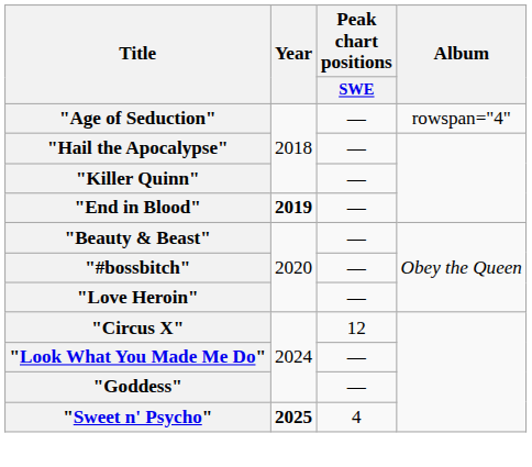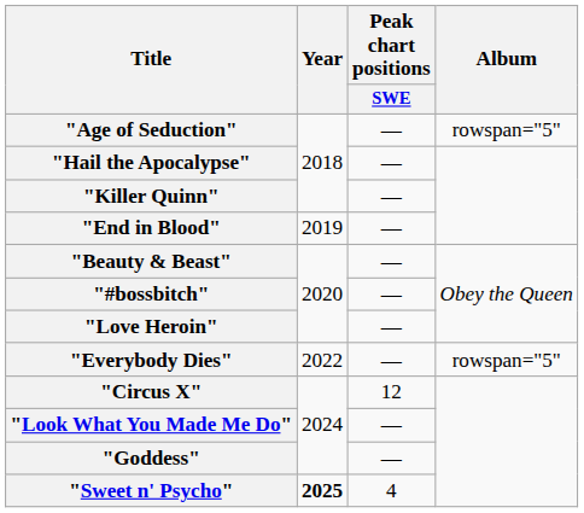 <table class="wikitable plainrowheaders" style="text-align:center;">
 <tr>
 <th scope="col" rowspan="2">Title</th>
 <th scope="col" rowspan="2">Year</th>
 <th scope="col" colspan="1">Peak chart positions</th>
 <th scope="col" rowspan="2">Album</th>
 </tr>
 <tr>
 <th scope="col" style="width:3em;font-size:85%;"><a href='#'>SWE</a><br></th>
 </tr>
 <tr>
 <th scope="row">"Age of Seduction"</th>
 <td rowspan="3">2018</td>
 <td>—</td>
-<td>rowspan="4" </td>
+<td>rowspan="5" </td>
 </tr>
 <tr>
 <th scope="row">"Hail the Apocalypse"</th>
 <td>—</td>
 </tr>
 <tr>
 <th scope="row">"Killer Quinn"</th>
 <td>—</td>
 </tr>
 <tr>
 <th scope="row">"End in Blood"</th>
-<td><strong>2019</strong></td>
+<td>2019</td>
 <td>—</td>
 </tr>
 <tr>
 <th scope="row">"Beauty & Beast"</th>
 <td rowspan="3">2020</td>
 <td>—</td>
 <td rowspan="3"><em>Obey the Queen</em></td>
 </tr>
 <tr>
 <th scope="row">"#bossbitch"</th>
 <td>—</td>
 </tr>
 <tr>
 <th scope="row">"Love Heroin"</th>
 <td>—</td>
+</tr>
+<tr>
+<th scope="row">"Everybody Dies"</th>
+<td>2022</td>
+<td>—</td>
+<td>rowspan="5" </td>
 </tr>
 <tr>
 <th scope="row">"Circus X"</th>
 <td rowspan="3">2024</td>
 <td>12</td>
 </tr>
 <tr>
 <th scope="row">"<a href='#'>Look What You Made Me Do</a>"</th>
 <td>—</td>
 </tr>
 <tr>
 <th scope="row">"Goddess"</th>
 <td>—</td>
 </tr>
 <tr>
 <th scope="row">"<a href='#'>Sweet n' Psycho</a>"</th>
 <td><strong>2025</strong></td>
 <td>4</td>
 </tr>
 </table>
